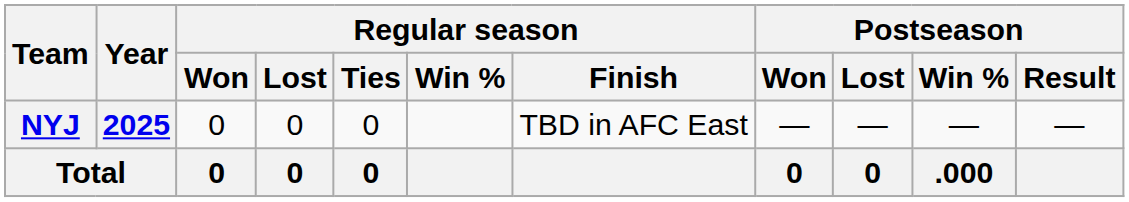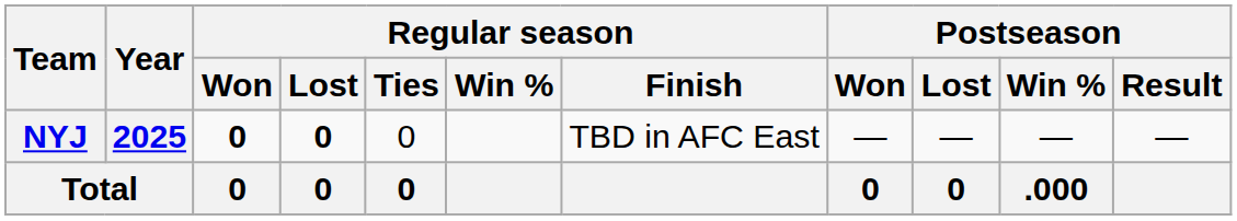 <table class="wikitable" style="font-size: 95%; text-align:center;">
 <tr>
 <th rowspan="2">Team</th>
 <th rowspan="2">Year</th>
 <th colspan="5">Regular season</th>
 <th colspan="4">Postseason</th>
 </tr>
 <tr>
 <th>Won</th>
 <th>Lost</th>
 <th>Ties</th>
 <th>Win %</th>
 <th>Finish</th>
 <th>Won</th>
 <th>Lost</th>
 <th>Win %</th>
 <th>Result</th>
 </tr>
 <tr>
 <th><a href='#'>NYJ</a></th>
 <th><a href='#'>2025</a></th>
-<td>0</td>
-<td>0</td>
+<td><strong>0</strong></td>
+<td><strong>0</strong></td>
 <td>0</td>
 <td></td>
 <td>TBD in AFC East</td>
 <td>—</td>
 <td>—</td>
 <td>—</td>
 <td>—</td>
 </tr>
 <tr>
 <th colspan="2">Total</th>
 <th>0</th>
 <th>0</th>
 <th>0</th>
 <th></th>
 <th></th>
 <th>0</th>
 <th>0</th>
 <th>.000</th>
 <th></th>
 </tr>
 </table>
